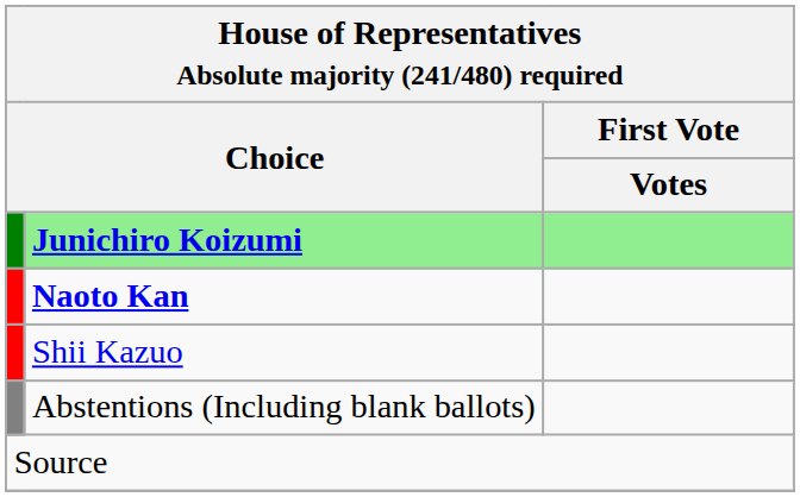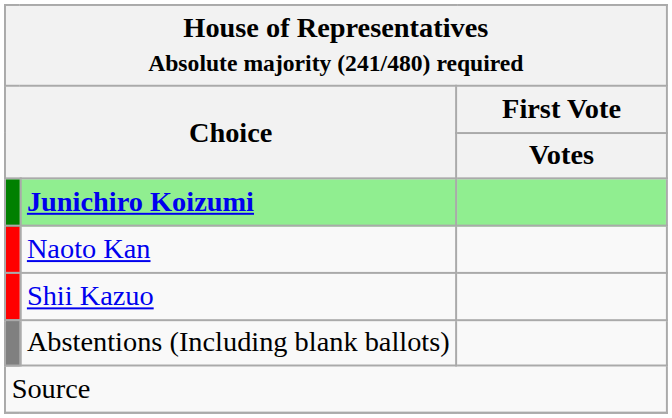 <table class="wikitable" style="font-size:90%;">
 <tr>
 <th colspan="4">House of Representatives <br><small>Absolute majority (241/480) required</small></th>
 </tr>
 <tr>
 <th align="left" rowspan="2" colspan="2" width="100">Choice</th>
 <th colspan="2">First Vote</th>
 </tr>
 <tr>
 <th width="100">Votes</th>
 </tr>
 <tr style="background:lightgreen;">
 <td width="1" bgcolor="green"></td>
 <td align="left"><strong><a href='#'>Junichiro Koizumi</a></strong></td>
 <td></td>
 </tr>
 <tr>
 <td bgcolor="red"></td>
-<td align="left"><strong><a href='#'>Naoto Kan</a></strong></td>
+<td align="left"><a href='#'>Naoto Kan</a></td>
 <td></td>
 </tr>
 <tr>
 <td bgcolor="red"></td>
 <td align="left"><a href='#'>Shii Kazuo</a></td>
 <td></td>
 </tr>
 <tr>
 <td bgcolor="gray"></td>
 <td align="left">Abstentions (Including blank ballots)</td>
 <td></td>
 </tr>
 <tr>
 <td colspan=3>Source </td>
 </tr>
 <tr>
 </tr>
 </table>
